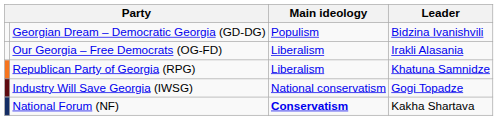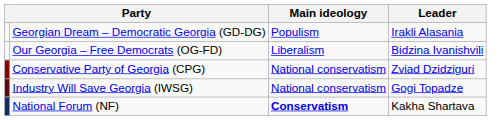 <table class=wikitable style=text-align:left>
 <tr>
 <th colspan=2>Party</th>
 <th>Main ideology</th>
 <th>Leader</th>
 </tr>
 <tr>
 <td></td>
 <td><a href='#'>Georgian Dream – Democratic Georgia</a> (GD-DG)</td>
 <td><a href='#'>Populism</a></td>
-<td><a href='#'>Bidzina Ivanishvili</a></td>
+<td><a href='#'>Irakli Alasania</a></td>
 </tr>
 <tr>
 <td></td>
 <td><a href='#'>Our Georgia – Free Democrats</a> (OG-FD)</td>
 <td><a href='#'>Liberalism</a></td>
-<td><a href='#'>Irakli Alasania</a></td>
+<td><a href='#'>Bidzina Ivanishvili</a></td>
 </tr>
 <tr>
-<td style="background:#F6741E;"></td>
-<td><a href='#'>Republican Party of Georgia</a> (RPG)</td>
-<td><a href='#'>Liberalism</a></td>
-<td><a href='#'>Khatuna Samnidze</a></td>
+<td style="background:#8B0000;"></td>
+<td><a href='#'>Conservative Party of Georgia</a> (CPG)</td>
+<td><a href='#'>National conservatism</a></td>
+<td><a href='#'>Zviad Dzidziguri</a></td>
 </tr>
 <tr>
 <td style="background:#5e0b10;"></td>
 <td><a href='#'>Industry Will Save Georgia</a> (IWSG)</td>
 <td><a href='#'>National conservatism</a></td>
 <td><a href='#'>Gogi Topadze</a></td>
 </tr>
 <tr>
 <td style="background:#142d65;"></td>
 <td><a href='#'>National Forum</a> (NF)</td>
 <td><strong><a href='#'>Conservatism</a></strong></td>
 <td>Kakha Shartava</td>
 </tr>
 </table>
